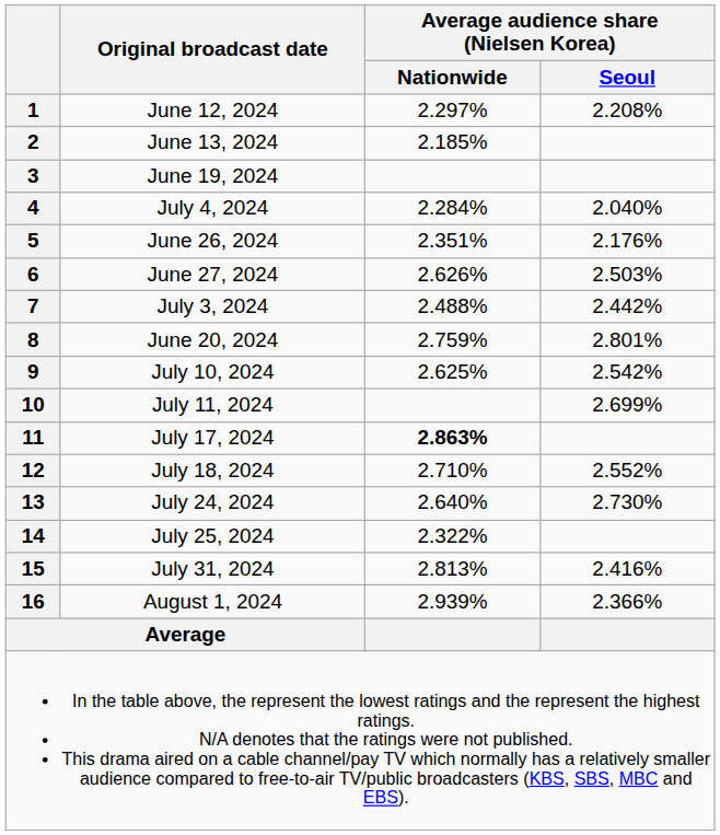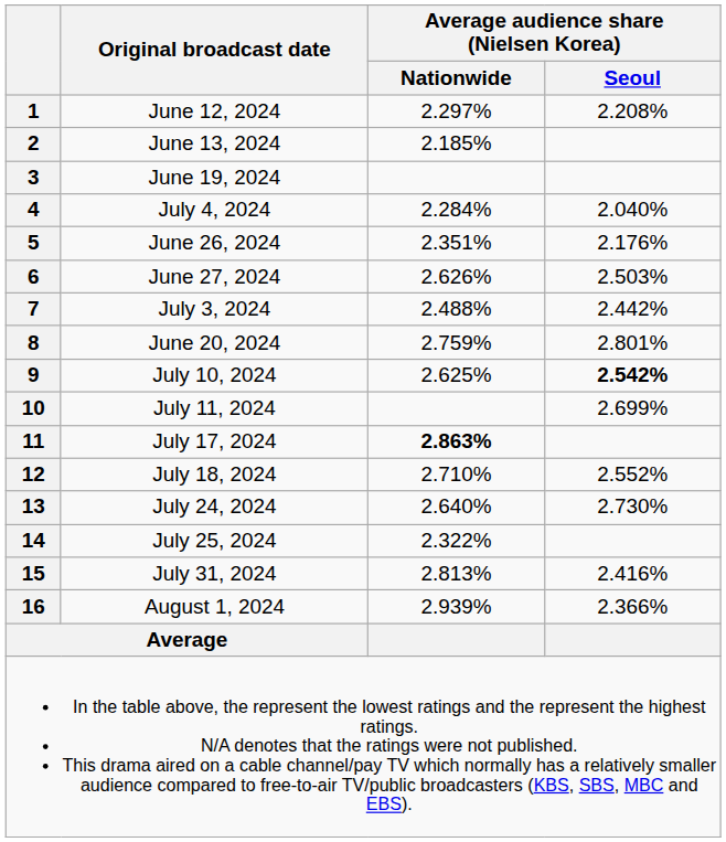 <table class="wikitable" style="margin-left:auto; margin-right:auto; width:550px; text-align:center">
 <tr>
 <th scope="col" rowspan="2"></th>
 <th scope="col" rowspan="2">Original broadcast date</th>
 <th scope="col" colspan="2">Average audience share<br>(Nielsen Korea)</th>
 </tr>
 <tr>
 <th scope="col" style="width:8em">Nationwide</th>
 <th scope="col" style="width:8em"><a href='#'>Seoul</a></th>
 </tr>
 <tr>
 <th scope="col">1</th>
 <td>June 12, 2024</td>
 <td>2.297% </td>
 <td>2.208% </td>
 </tr>
 <tr>
 <th scope="col">2</th>
 <td>June 13, 2024</td>
 <td>2.185% </td>
 <td><strong></strong> </td>
 </tr>
 <tr>
 <th scope="col">3</th>
 <td>June 19, 2024</td>
 <td><strong></strong> </td>
 <td></td>
 </tr>
 <tr>
 <th scope="col">4</th>
 <td>July 4, 2024</td>
 <td>2.284% </td>
 <td>2.040% </td>
 </tr>
 <tr>
 <th scope="col">5</th>
 <td>June 26, 2024</td>
 <td>2.351% </td>
 <td>2.176% </td>
 </tr>
 <tr>
 <th scope="col">6</th>
 <td>June 27, 2024</td>
 <td>2.626% </td>
 <td>2.503% </td>
 </tr>
 <tr>
 <th scope="col">7</th>
 <td>July 3, 2024</td>
 <td>2.488% </td>
 <td>2.442% </td>
 </tr>
 <tr>
 <th scope="col">8</th>
 <td>June 20, 2024</td>
 <td>2.759% </td>
 <td>2.801% </td>
 </tr>
 <tr>
 <th scope="col">9</th>
 <td>July 10, 2024</td>
 <td>2.625% </td>
-<td>2.542% </td>
+<td><strong>2.542% </strong></td>
 </tr>
 <tr>
 <th scope="col">10</th>
 <td>July 11, 2024</td>
 <td><strong></strong> </td>
 <td>2.699% </td>
 </tr>
 <tr>
 <th scope="col">11</th>
 <td>July 17, 2024</td>
 <td><strong>2.863% </strong></td>
 <td><strong></strong> </td>
 </tr>
 <tr>
 <th scope="col">12</th>
 <td>July 18, 2024</td>
 <td>2.710% </td>
 <td>2.552% </td>
 </tr>
 <tr>
 <th scope="col">13</th>
 <td>July 24, 2024</td>
 <td>2.640% </td>
 <td>2.730% </td>
 </tr>
 <tr>
 <th scope="col">14</th>
 <td>July 25, 2024</td>
 <td>2.322% </td>
 <td></td>
 </tr>
 <tr>
 <th scope="col">15</th>
 <td>July 31, 2024</td>
 <td>2.813% </td>
 <td>2.416% </td>
 </tr>
 <tr>
 <th scope="col">16</th>
 <td>August 1, 2024</td>
 <td>2.939% </td>
 <td>2.366% </td>
 </tr>
 <tr>
 <th scope="col" colspan="2">Average</th>
 <th scope="col"></th>
 <th scope="col"></th>
 </tr>
 <tr>
 <td colspan="4" style="font-size:85%"><br><ul><li>In the table above, the <strong></strong> represent the lowest ratings and the <strong></strong> represent the highest ratings.</li><li>N/A denotes that the ratings were not published.</li><li>This drama aired on a cable channel/pay TV which normally has a relatively smaller audience compared to free-to-air TV/public broadcasters (<a href='#'>KBS</a>, <a href='#'>SBS</a>, <a href='#'>MBC</a> and <a href='#'>EBS</a>).</li></ul></td>
 </tr>
 </table>
